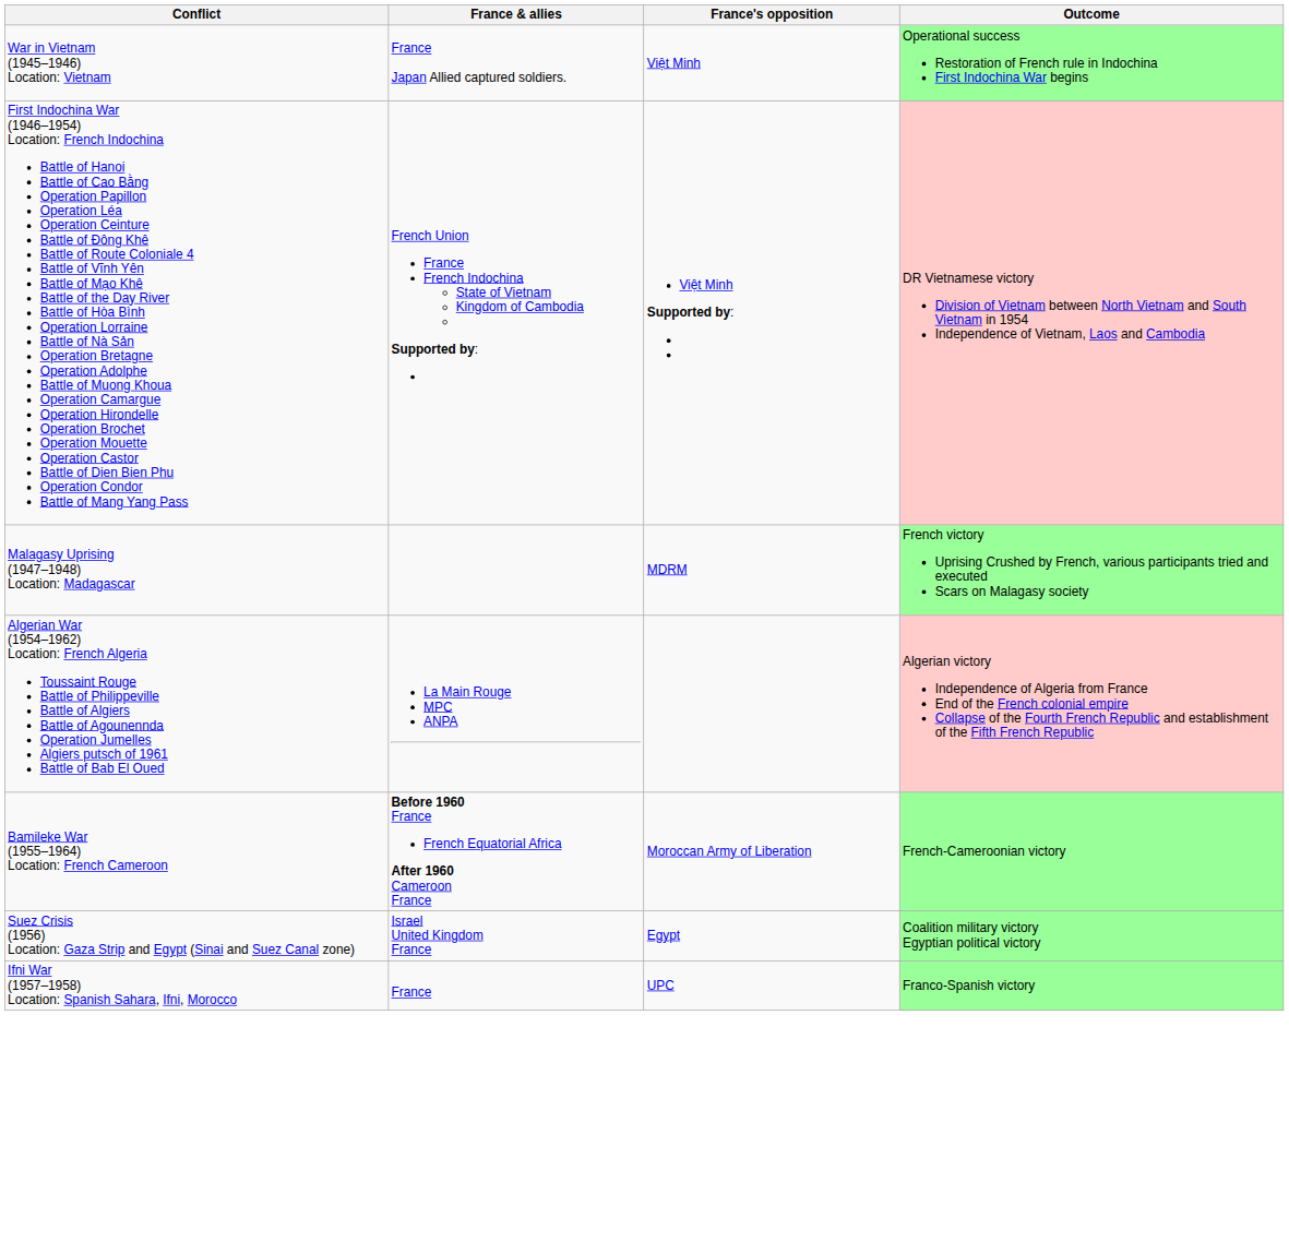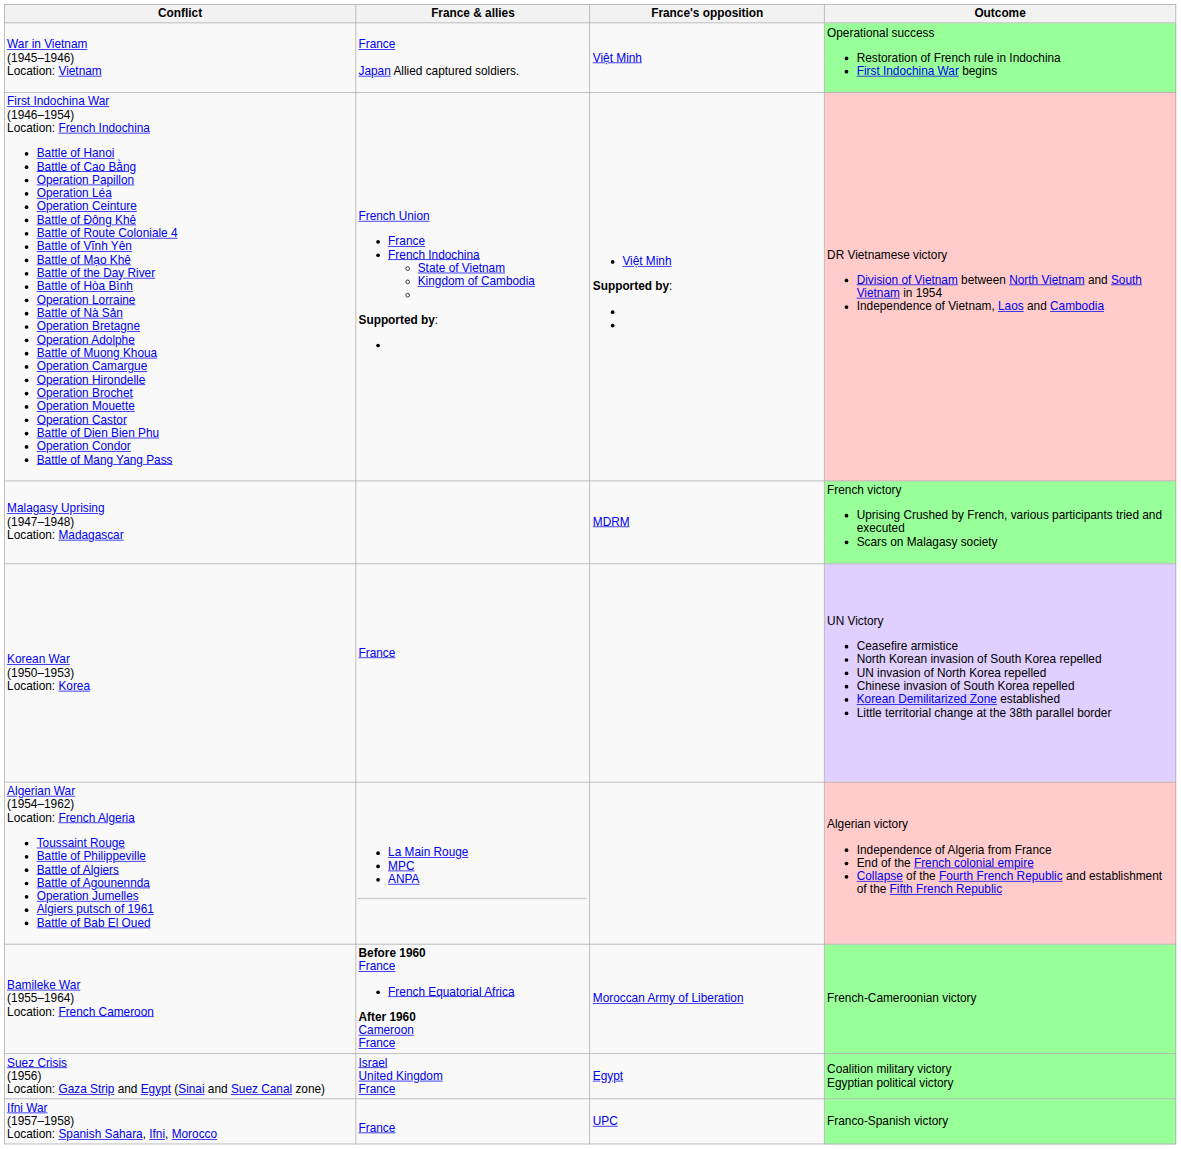 <table class="wikitable sortable" width="100%">
 <tr>
 <th width=30%>Conflict</th>
 <th width=20%>France & allies</th>
 <th width=20%>France's opposition</th>
 <th width=30%>Outcome</th>
 </tr>
 <tr>
 <td><a href='#'>War in Vietnam</a><br>(1945–1946)<br>Location: <a href='#'>Vietnam</a></td>
 <td> <a href='#'>France</a><br><br> <a href='#'>Japan</a> Allied captured soldiers.</td>
 <td> <a href='#'>Việt Minh</a></td>
 <td style="background:#99ff99">Operational success<br><ul><li>Restoration of French rule in Indochina</li><li><a href='#'>First Indochina War</a> begins</li></ul></td>
 </tr>
 <tr>
 <td><a href='#'>First Indochina War</a><br>(1946–1954)<br>Location: <a href='#'>French Indochina</a><ul><li><a href='#'>Battle of Hanoi</a></li><li><a href='#'>Battle of Cao Bằng</a></li><li><a href='#'>Operation Papillon</a></li><li><a href='#'>Operation Léa</a></li><li><a href='#'>Operation Ceinture</a></li><li><a href='#'>Battle of Đông Khê</a></li><li><a href='#'>Battle of Route Coloniale 4</a></li><li><a href='#'>Battle of Vĩnh Yên</a></li><li><a href='#'>Battle of Mạo Khê</a></li><li><a href='#'>Battle of the Day River</a></li><li><a href='#'>Battle of Hòa Bình</a></li><li><a href='#'>Operation Lorraine</a></li><li><a href='#'>Battle of Nà Sản</a></li><li><a href='#'>Operation Bretagne</a></li><li><a href='#'>Operation Adolphe</a></li><li><a href='#'>Battle of Muong Khoua</a></li><li><a href='#'>Operation Camargue</a></li><li><a href='#'>Operation Hirondelle</a></li><li><a href='#'>Operation Brochet</a></li><li><a href='#'>Operation Mouette</a></li><li><a href='#'>Operation Castor</a></li><li><a href='#'>Battle of Dien Bien Phu</a></li><li><a href='#'>Operation Condor</a></li><li><a href='#'>Battle of Mang Yang Pass</a></li></ul></td>
 <td> <a href='#'>French Union</a><br><ul><li> <a href='#'>France</a></li><li> <a href='#'>French Indochina</a><ul><li> <a href='#'>State of Vietnam</a></li><li> <a href='#'>Kingdom of Cambodia</a></li><li></li></ul></li></ul><strong>Supported by</strong>:<ul><li></li></ul></td>
 <td><br><ul><li> <a href='#'>Việt Minh</a></li></ul><strong>Supported by</strong>:<br><ul><li></li><li></li></ul></td>
 <td style="background:#FFCCCB">DR Vietnamese victory<br><ul><li><a href='#'>Division of Vietnam</a> between <a href='#'>North Vietnam</a> and <a href='#'>South Vietnam</a> in 1954</li><li>Independence of Vietnam, <a href='#'>Laos</a> and <a href='#'>Cambodia</a></li></ul></td>
 </tr>
 <tr>
 <td><a href='#'>Malagasy Uprising</a><br>(1947–1948)<br>Location: <a href='#'>Madagascar</a></td>
 <td></td>
 <td> <a href='#'>MDRM</a></td>
 <td style="background:#99ff99">French victory<br><ul><li>Uprising Crushed by French, various participants tried and executed</li><li>Scars on Malagasy society</li></ul></td>
 </tr>
 <tr>
+<td><a href='#'>Korean War</a><br>(1950–1953)<br>Location: <a href='#'>Korea</a></td>
+<td><br><br><br><br><br><br> <a href='#'>France</a><br><br><br><br><br><br><br><br><br><br></td>
+<td><br><br></td>
+<td style="background:#E0D0FF">UN Victory<br><ul><li>Ceasefire armistice</li><li>North Korean invasion of South Korea repelled</li><li>UN invasion of North Korea repelled</li><li>Chinese invasion of South Korea repelled</li><li><a href='#'>Korean Demilitarized Zone</a> established</li><li>Little territorial change at the 38th parallel border</li></ul></td>
+</tr>
+<tr>
 <td><a href='#'>Algerian War</a><br>(1954–1962)<br>Location: <a href='#'>French Algeria</a><ul><li><a href='#'>Toussaint Rouge</a></li><li><a href='#'>Battle of Philippeville</a></li><li><a href='#'>Battle of Algiers</a></li><li><a href='#'>Battle of Agounennda</a></li><li><a href='#'>Operation Jumelles</a></li><li><a href='#'>Algiers putsch of 1961</a></li><li><a href='#'>Battle of Bab El Oued</a></li></ul></td>
 <td><br><ul><li><a href='#'>La Main Rouge</a></li><li><a href='#'>MPC</a></li><li><a href='#'>ANPA</a></li></ul><hr> </td>
 <td></td>
 <td style="background:#FFCCCB">Algerian victory<br><ul><li>Independence of Algeria from France</li><li>End of the <a href='#'>French colonial empire</a></li><li><a href='#'>Collapse</a> of the <a href='#'>Fourth French Republic</a> and establishment of the <a href='#'>Fifth French Republic</a></li></ul></td>
 </tr>
 <tr>
 <td><a href='#'>Bamileke War</a><br>(1955–1964)<br>Location: <a href='#'>French Cameroon</a></td>
 <td><strong>Before 1960</strong><br> <a href='#'>France</a><br><ul><li> <a href='#'>French Equatorial Africa</a></li></ul><strong>After 1960</strong><br> <a href='#'>Cameroon</a><br> <a href='#'>France</a></td>
 <td> <a href='#'>Moroccan Army of Liberation</a></td>
 <td style="background:#99ff99">French-Cameroonian victory</td>
 </tr>
 <tr>
 <td><a href='#'>Suez Crisis</a><br>(1956)<br>Location: <a href='#'>Gaza Strip</a> and <a href='#'>Egypt</a> (<a href='#'>Sinai</a> and <a href='#'>Suez Canal</a> zone)</td>
 <td> <a href='#'>Israel</a><br> <a href='#'>United Kingdom</a><br> <a href='#'>France</a></td>
 <td> <a href='#'>Egypt</a></td>
 <td style="background:#99ff99">Coalition military victory<br>Egyptian political victory</td>
 </tr>
 <tr>
 <td><a href='#'>Ifni War</a><br>(1957–1958)<br>Location: <a href='#'>Spanish Sahara</a>, <a href='#'>Ifni</a>, <a href='#'>Morocco</a> </td>
 <td><br> <a href='#'>France</a></td>
 <td> <a href='#'>UPC</a></td>
 <td style="background:#99ff99">Franco-Spanish victory</td>
 </tr>
 </table>
